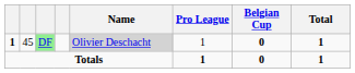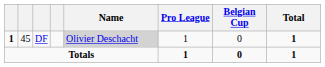 <table class="wikitable" style="text-align:center">
 <tr>
 <th width=15></th>
 <th width=15></th>
 <th width=15></th>
 <th width=15></th>
 <th width=145>Name</th>
 <th width=80><a href='#'>Pro League</a></th>
 <th width=80><a href='#'>Belgian Cup</a></th>
 <th width=80>Total</th>
 </tr>
 <tr>
 <td><strong>1</strong></td>
 <td>45</td>
-<td style="background: lightgreen;"><a href='#'>DF</a></td>
+<td><a href='#'>DF</a></td>
 <td></td>
 <td align=left style="background: lightgrey;"><a href='#'>Olivier Deschacht</a></td>
 <td>1</td>
-<td><strong>0</strong></td>
+<td>0</td>
 <td><strong>1</strong></td>
 </tr>
 <tr>
 <td colspan=5><strong>Totals</strong></td>
 <td><strong>1</strong></td>
 <td><strong>0</strong></td>
 <td><strong>1</strong></td>
 </tr>
 </table>
